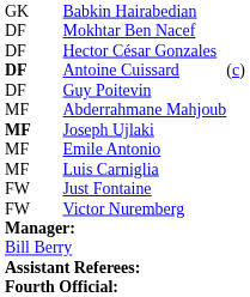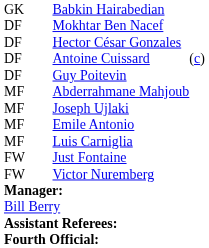 <table style=font-size:90% cellspacing=0 cellpadding=0>
 <tr>
 <td colspan=4></td>
 </tr>
 <tr>
 <th width=25></th>
 <th width=25></th>
 </tr>
 <tr>
 <td>GK</td>
 <td><strong> </strong></td>
 <td> <a href='#'>Babkin Hairabedian</a></td>
 </tr>
 <tr>
 <td>DF</td>
 <td><strong> </strong></td>
 <td> <a href='#'>Mokhtar Ben Nacef</a></td>
 </tr>
 <tr>
 <td>DF</td>
 <td><strong> </strong></td>
 <td> <a href='#'>Hector César Gonzales</a></td>
 </tr>
 <tr>
-<td><strong>DF</strong></td>
+<td>DF</td>
 <td><strong> </strong></td>
 <td> <a href='#'>Antoine Cuissard</a></td>
 <td>(<a href='#'>c</a>)</td>
 </tr>
 <tr>
 <td>DF</td>
 <td><strong> </strong></td>
 <td> <a href='#'>Guy Poitevin</a></td>
 </tr>
 <tr>
 <td>MF</td>
 <td><strong> </strong></td>
 <td> <a href='#'>Abderrahmane Mahjoub</a></td>
 </tr>
 <tr>
-<td><strong>MF</strong></td>
+<td>MF</td>
 <td><strong> </strong></td>
 <td> <a href='#'>Joseph Ujlaki</a></td>
 </tr>
 <tr>
 <td>MF</td>
 <td><strong> </strong></td>
 <td> <a href='#'>Emile Antonio</a></td>
 </tr>
 <tr>
 <td>MF</td>
 <td><strong> </strong></td>
 <td> <a href='#'>Luis Carniglia</a></td>
 </tr>
 <tr>
 <td>FW</td>
 <td><strong> </strong></td>
 <td> <a href='#'>Just Fontaine</a></td>
 </tr>
 <tr>
 <td>FW</td>
 <td><strong> </strong></td>
 <td> <a href='#'>Victor Nuremberg</a></td>
 </tr>
 <tr>
 <td colspan=3><strong>Manager:</strong></td>
 </tr>
 <tr>
 <td colspan=4> <a href='#'>Bill Berry</a><br><strong>Assistant Referees:</strong><br> <strong>Fourth Official:</strong><br></td>
 </tr>
 </table>
